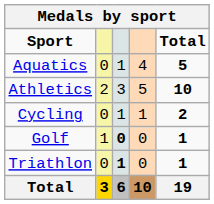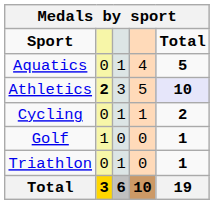 <table class="wikitable" style="font-size:85%; text-align:center;">
 <tr style="background:#efefef;">
 <th colspan=5><strong>Medals by sport</strong></th>
 </tr>
 <tr>
 <td><strong>Sport</strong></td>
 <td style="background:#f7f6a8;"></td>
 <td style="background:#dce5e5;"></td>
 <td style="background:#ffdab9;"></td>
 <td><strong>Total</strong></td>
 </tr>
 <tr>
 <td><a href='#'>Aquatics</a></td>
 <td style="background:#F7F6A8;">0</td>
 <td style="background:#DCE5E5;">1</td>
 <td style="background:#FFDAB9;">4</td>
 <td><strong>5</strong></td>
 </tr>
 <tr>
 <td><a href='#'>Athletics</a></td>
-<td style="background:#F7F6A8;">2</td>
+<td style="background:#F7F6A8;"><strong>2</strong></td>
 <td style="background:#DCE5E5;">3</td>
 <td style="background:#FFDAB9;">5</td>
-<td><strong>10</strong></td>
+<td style="background: lavender;"><strong>10</strong></td>
 </tr>
 <tr>
 <td><a href='#'>Cycling</a></td>
 <td style="background:#F7F6A8;">0</td>
 <td style="background:#DCE5E5;">1</td>
 <td style="background:#FFDAB9;">1</td>
 <td><strong>2</strong></td>
 </tr>
 <tr>
 <td><a href='#'>Golf</a></td>
 <td style="background:#F7F6A8;">1</td>
-<td style="background:#DCE5E5;"><strong>0</strong></td>
+<td style="background:#DCE5E5;">0</td>
 <td style="background:#FFDAB9;">0</td>
 <td><strong>1</strong></td>
 </tr>
 <tr>
 <td><a href='#'>Triathlon</a></td>
 <td style="background:#F7F6A8;">0</td>
-<td style="background:#DCE5E5;"><strong>1</strong></td>
+<td style="background:#DCE5E5;">1</td>
 <td style="background:#FFDAB9;">0</td>
 <td><strong>1</strong></td>
 </tr>
 <tr>
 <th>Total</th>
 <th style="background:gold;">3</th>
 <th style="background:silver;">6</th>
 <th style="background:#c96;">10</th>
 <th>19</th>
 </tr>
 </table>
